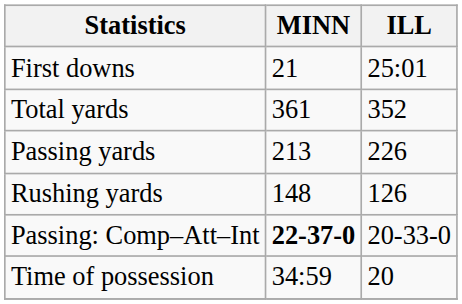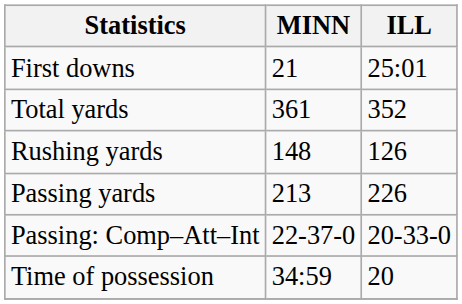 <table class="wikitable" style="float: left;">
 <tr>
 <th>Statistics</th>
 <th>MINN</th>
 <th>ILL</th>
 </tr>
 <tr>
 <td>First downs</td>
 <td>21</td>
 <td>25:01</td>
 </tr>
 <tr>
 <td>Total yards</td>
 <td>361</td>
 <td>352</td>
 </tr>
 <tr>
+<td>Rushing yards</td>
+<td>148</td>
+<td>126</td>
+</tr>
+<tr>
 <td>Passing yards</td>
 <td>213</td>
 <td>226</td>
 </tr>
 <tr>
-<td>Rushing yards</td>
-<td>148</td>
-<td>126</td>
-</tr>
-<tr>
 <td>Passing: Comp–Att–Int</td>
-<td><strong>22-37-0</strong></td>
+<td>22-37-0</td>
 <td>20-33-0</td>
 </tr>
 <tr>
 <td>Time of possession</td>
 <td>34:59</td>
 <td>20</td>
 </tr>
 <tr>
 </tr>
 </table>
